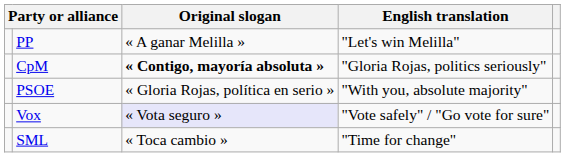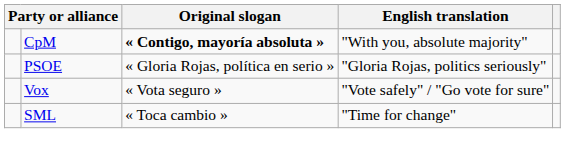 <table class="wikitable" style="text-align:left;">
 <tr>
 <th style="text-align:left;" colspan="2">Party or alliance</th>
 <th>Original slogan</th>
 <th>English translation</th>
 <th></th>
 </tr>
 <tr>
-<td width="1" style="color:inherit;background:"></td>
-<td><a href='#'>PP</a></td>
-<td>« A ganar Melilla »</td>
-<td>"Let's win Melilla"</td>
-<td></td>
-</tr>
-<tr>
 <td style="color:inherit;background:"></td>
 <td><a href='#'>CpM</a></td>
 <td><strong>« Contigo, mayoría absoluta »</strong></td>
-<td>"Gloria Rojas, politics seriously"</td>
+<td>"With you, absolute majority"</td>
 <td></td>
 </tr>
 <tr>
 <td style="color:inherit;background:"></td>
 <td><a href='#'>PSOE</a></td>
 <td>« Gloria Rojas, política en serio »</td>
-<td>"With you, absolute majority"</td>
+<td>"Gloria Rojas, politics seriously"</td>
 <td></td>
 </tr>
 <tr>
 <td style="color:inherit;background:"></td>
 <td><a href='#'>Vox</a></td>
-<td style="background: lavender;">« Vota seguro »</td>
+<td>« Vota seguro »</td>
 <td>"Vote safely" / "Go vote for sure"</td>
 <td></td>
 </tr>
 <tr>
 <td style="color:inherit;background:"></td>
 <td><a href='#'>SML</a></td>
 <td>« Toca cambio »</td>
 <td>"Time for change"</td>
 <td></td>
 </tr>
 </table>
